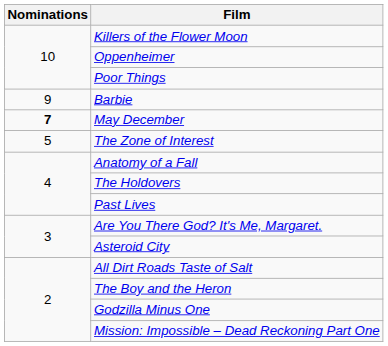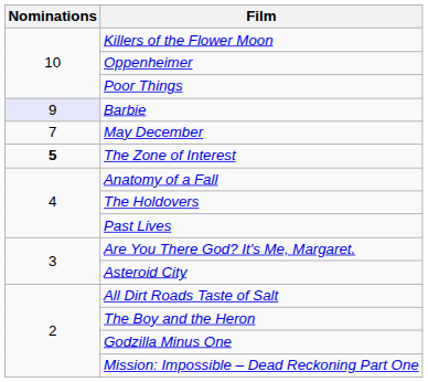 <table class="wikitable">
 <tr>
 <th>Nominations</th>
 <th>Film</th>
 </tr>
 <tr>
 <td style="text-align:center;" rowspan="3">10</td>
 <td><em><a href='#'>Killers of the Flower Moon</a></em></td>
 </tr>
 <tr>
 <td><em><a href='#'>Oppenheimer</a></em></td>
 </tr>
 <tr>
 <td><em><a href='#'>Poor Things</a></em></td>
 </tr>
 <tr>
-<td style="text-align:center;">9</td>
+<td style="background: lavender; text-align:center;">9</td>
 <td><em><a href='#'>Barbie</a></em></td>
 </tr>
 <tr>
-<td style="text-align:center;"><strong>7</strong></td>
+<td style="text-align:center;">7</td>
 <td><em><a href='#'>May December</a></em></td>
 </tr>
 <tr>
-<td style="text-align:center;">5</td>
+<td style="text-align:center;"><strong>5</strong></td>
 <td><em><a href='#'>The Zone of Interest</a></em></td>
 </tr>
 <tr>
 <td style="text-align:center;" rowspan="3">4</td>
 <td><em><a href='#'>Anatomy of a Fall</a></em></td>
 </tr>
 <tr>
 <td><em><a href='#'>The Holdovers</a></em></td>
 </tr>
 <tr>
 <td><em><a href='#'>Past Lives</a></em></td>
 </tr>
 <tr>
 <td style="text-align:center;" rowspan="2">3</td>
 <td><em><a href='#'>Are You There God? It's Me, Margaret.</a></em></td>
 </tr>
 <tr>
 <td><em><a href='#'>Asteroid City</a></em></td>
 </tr>
 <tr>
 <td style="text-align:center;" rowspan="4">2</td>
 <td><em><a href='#'>All Dirt Roads Taste of Salt</a></em></td>
 </tr>
 <tr>
 <td><em><a href='#'>The Boy and the Heron</a></em></td>
 </tr>
 <tr>
 <td><em><a href='#'>Godzilla Minus One</a></em></td>
 </tr>
 <tr>
 <td><em><a href='#'>Mission: Impossible – Dead Reckoning Part One</a></em></td>
 </tr>
 </table>
